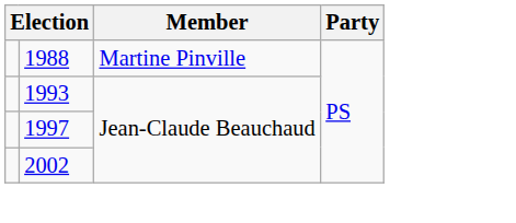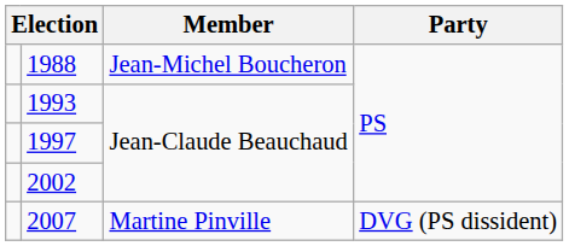 <table class="wikitable">
 <tr>
 <th colspan="2">Election</th>
 <th>Member</th>
 <th>Party</th>
 </tr>
 <tr>
 <td style="background-color: "></td>
 <td><a href='#'>1988</a></td>
-<td><a href='#'>Martine Pinville</a></td>
+<td><a href='#'>Jean-Michel Boucheron</a></td>
 <td rowspan=4><a href='#'>PS</a></td>
 </tr>
 <tr>
 <td style="background-color: "></td>
 <td><a href='#'>1993</a></td>
 <td rowspan=3>Jean-Claude Beauchaud</td>
 </tr>
 <tr>
 <td style="background-color: "></td>
 <td><a href='#'>1997</a></td>
 </tr>
 <tr>
 <td style="background-color: "></td>
 <td><a href='#'>2002</a></td>
 </tr>
+<tr>
+<td style="background-color: "></td>
+<td><a href='#'>2007</a></td>
+<td><a href='#'>Martine Pinville</a></td>
+<td><a href='#'>DVG</a> (PS dissident)</td>
+</tr>
 </table>
